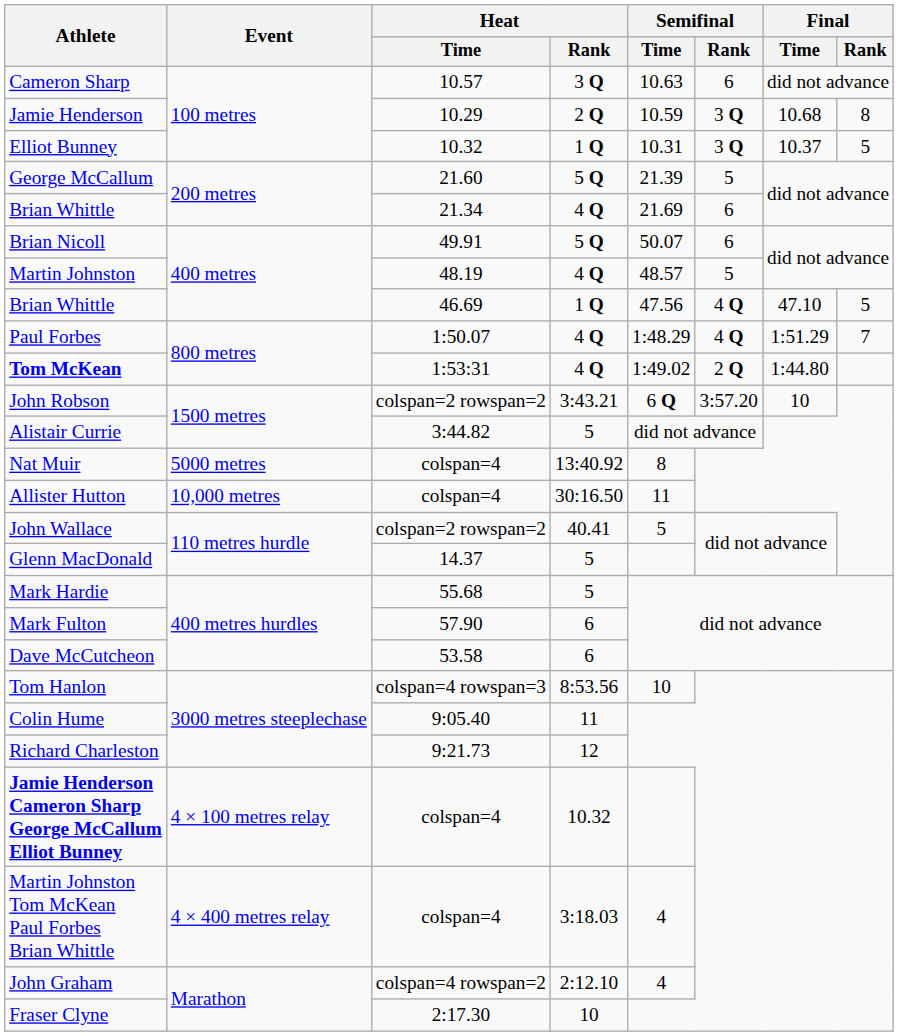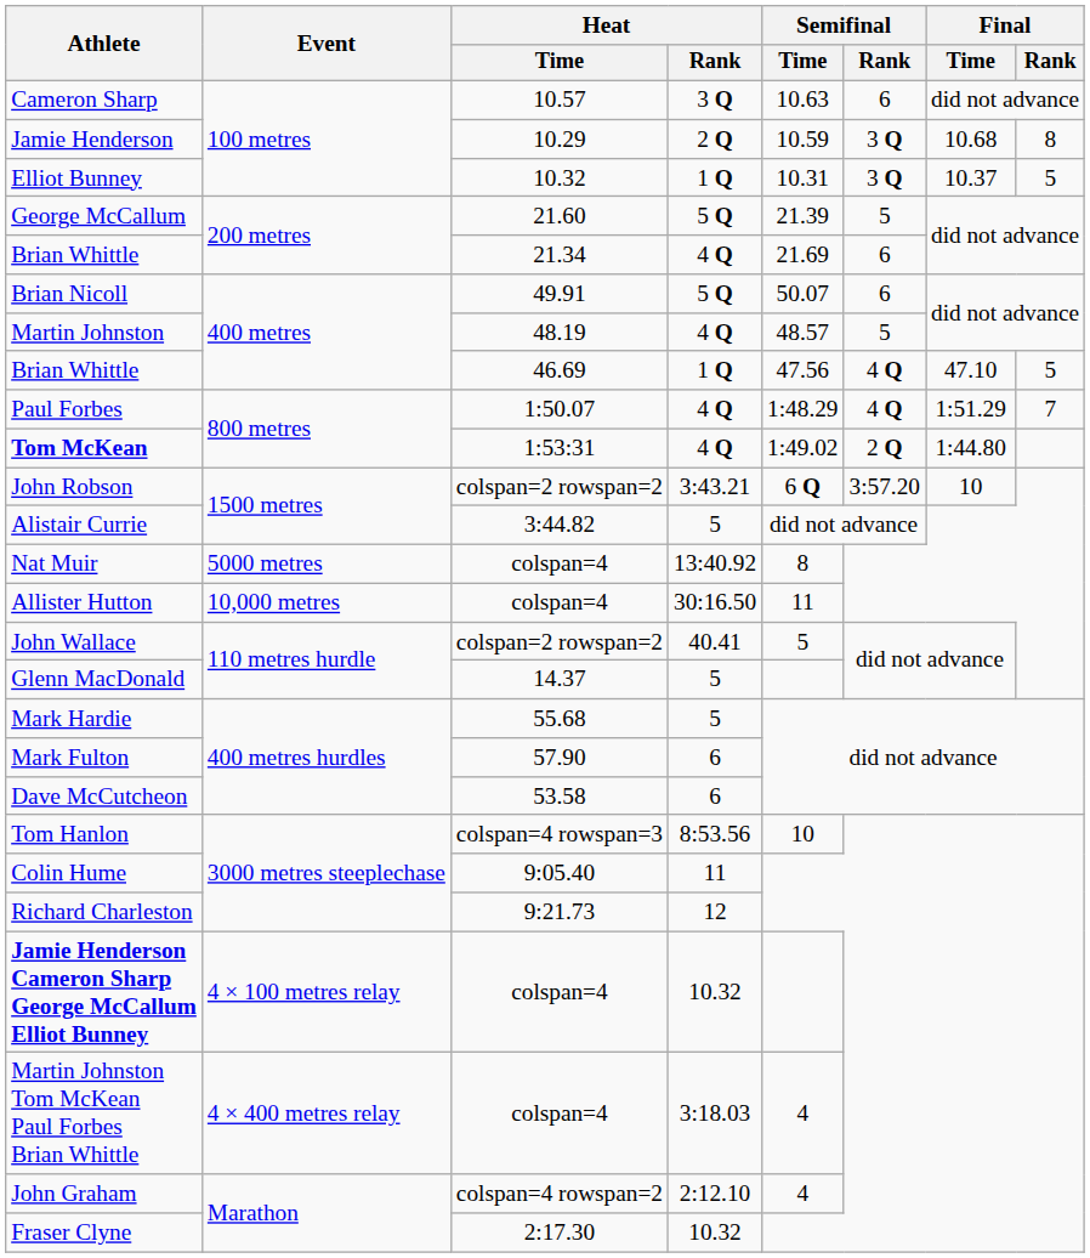 <table class="wikitable" style="font-size:90%">
 <tr>
 <th rowspan="2">Athlete</th>
 <th rowspan="2">Event</th>
 <th colspan="2">Heat</th>
 <th colspan="2">Semifinal</th>
 <th colspan="2">Final</th>
 </tr>
 <tr style="font-size:95%">
 <th>Time</th>
 <th>Rank</th>
 <th>Time</th>
 <th>Rank</th>
 <th>Time</th>
 <th>Rank</th>
 </tr>
 <tr align=center>
 <td align=left><a href='#'>Cameron Sharp</a></td>
 <td align=left rowspan=3><a href='#'>100 metres</a></td>
 <td>10.57</td>
 <td>3 <strong>Q</strong></td>
 <td>10.63</td>
 <td>6</td>
 <td colspan=2>did not advance</td>
 </tr>
 <tr align=center>
 <td align=left><a href='#'>Jamie Henderson</a></td>
 <td>10.29</td>
 <td>2 <strong>Q</strong></td>
 <td>10.59</td>
 <td>3 <strong>Q</strong></td>
 <td>10.68</td>
 <td>8</td>
 </tr>
 <tr align=center>
 <td align=left><a href='#'>Elliot Bunney</a></td>
 <td>10.32</td>
 <td>1 <strong>Q</strong></td>
 <td>10.31</td>
 <td>3 <strong>Q</strong></td>
 <td>10.37</td>
 <td>5</td>
 </tr>
 <tr align=center>
 <td align=left><a href='#'>George McCallum</a></td>
 <td rowspan=2 align=left><a href='#'>200 metres</a></td>
 <td>21.60</td>
 <td>5 <strong>Q</strong></td>
 <td>21.39</td>
 <td>5</td>
 <td colspan=2 rowspan=2>did not advance</td>
 </tr>
 <tr align=center>
 <td align=left><a href='#'>Brian Whittle</a></td>
 <td>21.34</td>
 <td>4 <strong>Q</strong></td>
 <td>21.69</td>
 <td>6</td>
 </tr>
 <tr align=center>
 <td align=left><a href='#'>Brian Nicoll</a></td>
 <td align=left rowspan=3><a href='#'>400 metres</a></td>
 <td>49.91</td>
 <td>5 <strong>Q</strong></td>
 <td>50.07</td>
 <td>6</td>
 <td colspan=2 rowspan=2>did not advance</td>
 </tr>
 <tr align=center>
 <td align=left><a href='#'>Martin Johnston</a></td>
 <td>48.19</td>
 <td>4 <strong>Q</strong></td>
 <td>48.57</td>
 <td>5</td>
 </tr>
 <tr align=center>
 <td align=left><a href='#'>Brian Whittle</a></td>
 <td>46.69</td>
 <td>1 <strong>Q</strong></td>
 <td>47.56</td>
 <td>4 <strong>Q</strong></td>
 <td>47.10</td>
 <td>5</td>
 </tr>
 <tr align=center>
 <td align=left><a href='#'>Paul Forbes</a></td>
 <td align=left rowspan=2><a href='#'>800 metres</a></td>
 <td>1:50.07</td>
 <td>4 <strong>Q</strong></td>
 <td>1:48.29</td>
 <td>4 <strong>Q</strong></td>
 <td>1:51.29</td>
 <td>7</td>
 </tr>
 <tr align=center>
 <td align=left><strong><a href='#'>Tom McKean</a></strong></td>
 <td>1:53:31</td>
 <td>4 <strong>Q</strong></td>
 <td>1:49.02</td>
 <td>2 <strong>Q</strong></td>
 <td>1:44.80</td>
 <td></td>
 </tr>
 <tr align=center>
 <td align=left><a href='#'>John Robson</a></td>
 <td rowspan=2 align=left><a href='#'>1500 metres</a></td>
 <td>colspan=2 rowspan=2 </td>
 <td>3:43.21</td>
 <td>6 <strong>Q</strong></td>
 <td>3:57.20</td>
 <td>10</td>
 </tr>
 <tr align=center>
 <td align=left><a href='#'>Alistair Currie</a></td>
 <td>3:44.82</td>
 <td>5</td>
 <td colspan=2>did not advance</td>
 </tr>
 <tr align=center>
 <td align=left><a href='#'>Nat Muir</a></td>
 <td align=left><a href='#'>5000 metres</a></td>
 <td>colspan=4 </td>
 <td>13:40.92</td>
 <td>8</td>
 </tr>
 <tr align=center>
 <td align=left><a href='#'>Allister Hutton</a></td>
 <td align=left><a href='#'>10,000 metres</a></td>
 <td>colspan=4 </td>
 <td>30:16.50</td>
 <td>11</td>
 </tr>
 <tr align=center>
 <td align=left><a href='#'>John Wallace</a></td>
 <td align=left rowspan=2><a href='#'>110 metres hurdle</a></td>
 <td>colspan=2 rowspan=2 </td>
 <td>40.41</td>
 <td>5</td>
 <td colspan=2 rowspan=2>did not advance</td>
 </tr>
 <tr align=center>
 <td align=left><a href='#'>Glenn MacDonald</a></td>
 <td>14.37</td>
 <td>5</td>
 </tr>
 <tr align=center>
 <td align=left><a href='#'>Mark Hardie</a></td>
 <td align=left rowspan=3><a href='#'>400 metres hurdles</a></td>
 <td>55.68</td>
 <td>5</td>
 <td colspan=6 rowspan=3>did not advance</td>
 </tr>
 <tr align=center>
 <td align=left><a href='#'>Mark Fulton</a></td>
 <td>57.90</td>
 <td>6</td>
 </tr>
 <tr align=center>
 <td align=left><a href='#'>Dave McCutcheon</a></td>
 <td>53.58</td>
 <td>6</td>
 </tr>
 <tr align=center>
 <td align=left><a href='#'>Tom Hanlon</a></td>
 <td align=left rowspan=3><a href='#'>3000 metres steeplechase</a></td>
 <td>colspan=4 rowspan=3 </td>
 <td>8:53.56</td>
 <td>10</td>
 </tr>
 <tr align=center>
 <td align=left><a href='#'>Colin Hume</a></td>
 <td>9:05.40</td>
 <td>11</td>
 </tr>
 <tr align=center>
 <td align=left><a href='#'>Richard Charleston</a></td>
 <td>9:21.73</td>
 <td>12</td>
 </tr>
 <tr align=center>
 <td align=left><strong><a href='#'>Jamie Henderson</a></strong><br><strong><a href='#'>Cameron Sharp</a></strong><br><strong><a href='#'>George McCallum</a></strong><br><strong><a href='#'>Elliot Bunney</a></strong></td>
 <td align=left><a href='#'>4 × 100 metres relay</a></td>
 <td>colspan=4 </td>
 <td>10.32</td>
 <td></td>
 </tr>
 <tr align=center>
 <td align=left><a href='#'>Martin Johnston</a><br><a href='#'>Tom McKean</a><br><a href='#'>Paul Forbes</a><br><a href='#'>Brian Whittle</a></td>
 <td align=left><a href='#'>4 × 400 metres relay</a></td>
 <td>colspan=4 </td>
 <td>3:18.03</td>
 <td>4</td>
 </tr>
 <tr align=center>
 <td align=left><a href='#'>John Graham</a></td>
 <td align=left rowspan=2><a href='#'>Marathon</a></td>
 <td>colspan=4 rowspan=2 </td>
 <td>2:12.10</td>
 <td>4</td>
 </tr>
 <tr align=center>
 <td align=left><a href='#'>Fraser Clyne</a></td>
 <td>2:17.30</td>
-<td>10</td>
+<td>10.32</td>
 </tr>
 </table>
